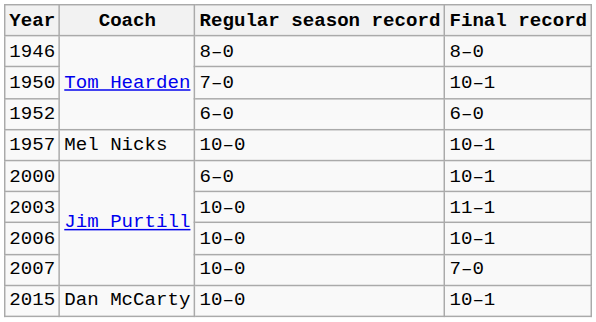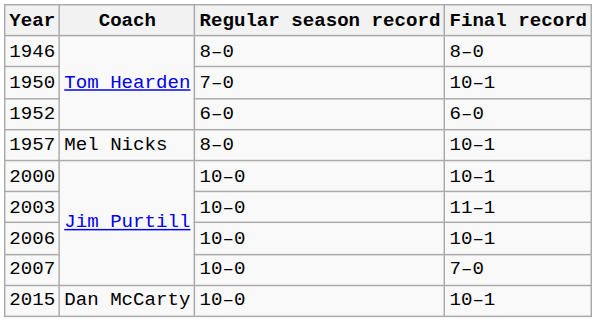 <table class="wikitable">
 <tr>
 <th>Year</th>
 <th>Coach</th>
 <th>Regular season record</th>
 <th>Final record</th>
 </tr>
 <tr>
 <td>1946</td>
 <td rowspan="3"><a href='#'>Tom Hearden</a></td>
 <td>8–0</td>
 <td>8–0</td>
 </tr>
 <tr>
 <td>1950</td>
 <td>7–0</td>
 <td>10–1</td>
 </tr>
 <tr>
 <td>1952</td>
 <td>6–0</td>
 <td>6–0</td>
 </tr>
 <tr>
 <td>1957</td>
 <td>Mel Nicks</td>
-<td>10–0</td>
+<td>8–0</td>
 <td>10–1</td>
 </tr>
 <tr>
 <td>2000</td>
 <td rowspan="4"><a href='#'>Jim Purtill</a></td>
-<td>6–0</td>
+<td>10–0</td>
 <td>10–1</td>
 </tr>
 <tr>
 <td>2003</td>
 <td>10–0</td>
 <td>11–1</td>
 </tr>
 <tr>
 <td>2006</td>
 <td>10–0</td>
 <td>10–1</td>
 </tr>
 <tr>
 <td>2007</td>
 <td>10–0</td>
 <td>7–0</td>
 </tr>
 <tr>
 <td>2015</td>
 <td>Dan McCarty</td>
 <td>10–0</td>
 <td>10–1</td>
 </tr>
 </table>
